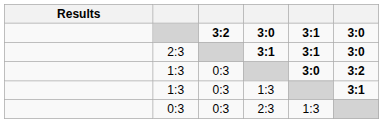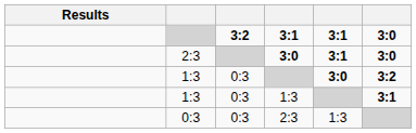 <table class=wikitable style="text-align:center" width="500">
 <tr>
 <th width=33%>Results</th>
 <th width=10%></th>
 <th width=10%></th>
 <th width=10%></th>
 <th width=10%></th>
 <th width=10%></th>
 </tr>
 <tr>
 <td align="right"></td>
 <td bgcolor=lightgrey></td>
 <td><strong>3:2</strong></td>
-<td><strong>3:0</strong></td>
+<td><strong>3:1</strong></td>
 <td><strong>3:1</strong></td>
 <td><strong>3:0</strong></td>
 </tr>
 <tr>
 <td align="right"></td>
 <td>2:3</td>
 <td bgcolor=lightgrey></td>
-<td><strong>3:1</strong></td>
+<td><strong>3:0</strong></td>
 <td><strong>3:1</strong></td>
 <td><strong>3:0</strong></td>
 </tr>
 <tr>
 <td align="right"></td>
 <td>1:3</td>
 <td>0:3</td>
 <td bgcolor=lightgrey></td>
 <td><strong>3:0</strong></td>
 <td><strong>3:2</strong></td>
 </tr>
 <tr>
 <td align="right"></td>
 <td>1:3</td>
 <td>0:3</td>
 <td>1:3</td>
 <td bgcolor=lightgrey></td>
 <td><strong>3:1</strong></td>
 </tr>
 <tr>
 <td align="right"></td>
 <td>0:3</td>
 <td>0:3</td>
 <td>2:3</td>
 <td>1:3</td>
 <td bgcolor=lightgrey></td>
 </tr>
 </table>
